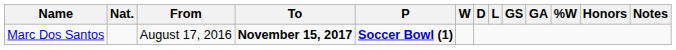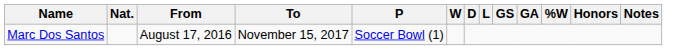 <table class="wikitable sortable" style="text-align: center">
 <tr>
 <th>Name</th>
 <th>Nat.</th>
 <th class="unsortable">From</th>
 <th class="unsortable">To</th>
 <th abbr="TOTAL OF MATCHES PLAYED">P</th>
 <th abbr="MATCHES WON">W</th>
 <th abbr="MATCHES DRAWN">D</th>
 <th abbr="MATCHES LOST">L</th>
 <th abbr="GOALS SCORED">GS</th>
 <th abbr="GOAL AGAINST">GA</th>
 <th abbr="PERCENTAGE OF MATCHES WON">%W</th>
 <th abbr="HONOURS">Honors</th>
 <th abbr="NOTES">Notes</th>
 </tr>
 <tr>
 <td align=left><a href='#'>Marc Dos Santos</a></td>
 <td align=left></td>
 <td align=left>August 17, 2016</td>
-<td align=left><strong>November 15, 2017<br></strong></td>
-<td><strong><a href='#'>Soccer Bowl</a> (1)</strong></td>
+<td align=left>November 15, 2017<br></td>
+<td><a href='#'>Soccer Bowl</a> (1)</td>
 <td></td>
 </tr>
 </table>
